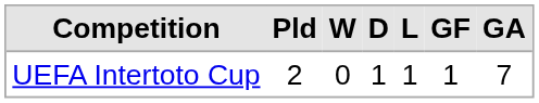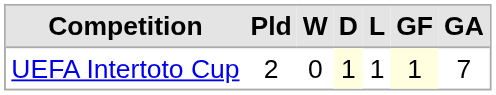 <table cellspacing="0" cellpadding="3" style="border:1px solid #AAAAAA;font-size:90%">
 <tr bgcolor="#E4E4E4">
 <th style="border-bottom:1px solid #AAAAAA">Competition</th>
 <th style="border-bottom:1px solid #AAAAAA" align="center">Pld</th>
 <th style="border-bottom:1px solid #AAAAAA" align="center">W</th>
 <th style="border-bottom:1px solid #AAAAAA" align="center">D</th>
 <th style="border-bottom:1px solid #AAAAAA" align="center">L</th>
 <th style="border-bottom:1px solid #AAAAAA" align="center">GF</th>
 <th style="border-bottom:1px solid #AAAAAA" align="center">GA</th>
 </tr>
 <tr>
 <td><a href='#'>UEFA Intertoto Cup</a></td>
 <td align="center">2</td>
 <td align="center">0</td>
+<td align="center" style="background: lightyellow;">1</td>
 <td align="center">1</td>
-<td align="center">1</td>
-<td align="center">1</td>
+<td align="center" style="background: lightyellow;">1</td>
 <td align="center">7</td>
 </tr>
 <tr>
 </tr>
 </table>
